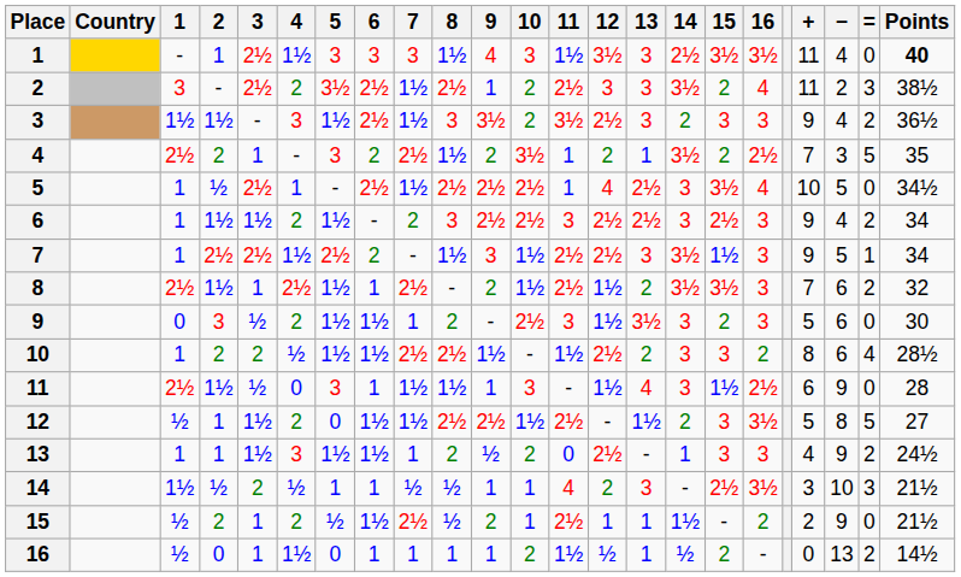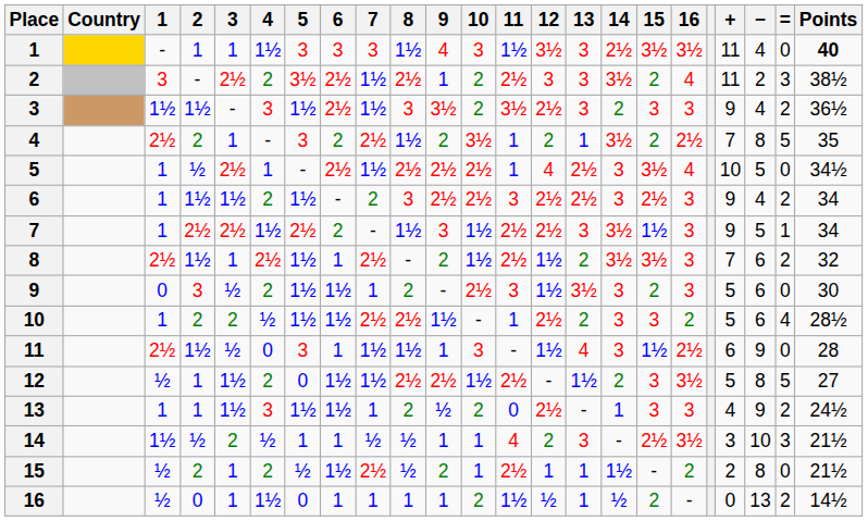 <table class="wikitable" style="text-align:center">
 <tr>
 <th>Place</th>
 <th>Country</th>
 <th>1</th>
 <th>2</th>
 <th>3</th>
 <th>4</th>
 <th>5</th>
 <th>6</th>
 <th>7</th>
 <th>8</th>
 <th>9</th>
 <th>10</th>
 <th>11</th>
 <th>12</th>
 <th>13</th>
 <th>14</th>
 <th>15</th>
 <th>16</th>
 <th></th>
 <th>+</th>
 <th>−</th>
 <th>=</th>
 <th>Points</th>
 </tr>
 <tr>
 <th>1</th>
 <td align=left bgcolor="gold"></td>
 <td>-</td>
 <td style="color: blue;">1</td>
-<td style="color: red;">2½</td>
+<td style="color: blue;">1</td>
 <td style="color: blue;">1½</td>
 <td style="color: red;">3</td>
 <td style="color: red;">3</td>
 <td style="color: red;">3</td>
 <td style="color: blue;">1½</td>
 <td style="color: red;">4</td>
 <td style="color: red;">3</td>
 <td style="color: blue;">1½</td>
 <td style="color: red;">3½</td>
 <td style="color: red;">3</td>
 <td style="color: red;">2½</td>
 <td style="color: red;">3½</td>
 <td style="color: red;">3½</td>
 <th></th>
 <td>11</td>
 <td>4</td>
 <td>0</td>
 <td align=center><strong>40</strong></td>
 </tr>
 <tr>
 <th>2</th>
 <td align=left bgcolor="silver"></td>
 <td style="color: red">3</td>
 <td>-</td>
 <td style="color: red">2½</td>
 <td style="color: green">2</td>
 <td style="color: red">3½</td>
 <td style="color: red">2½</td>
 <td style="color: blue">1½</td>
 <td style="color: red">2½</td>
 <td style="color: blue">1</td>
 <td style="color: green">2</td>
 <td style="color: red">2½</td>
 <td style="color: red">3</td>
 <td style="color: red">3</td>
 <td style="color: red">3½</td>
 <td style="color: green">2</td>
 <td style="color: red">4</td>
 <th></th>
 <td>11</td>
 <td>2</td>
 <td>3</td>
 <td align=center>38½</td>
 </tr>
 <tr>
 <th>3</th>
 <td align=left bgcolor="CC9966"></td>
 <td style="color: blue">1½</td>
 <td style="color: blue">1½</td>
 <td>-</td>
 <td style="color: red">3</td>
 <td style="color: blue">1½</td>
 <td style="color: red">2½</td>
 <td style="color: blue">1½</td>
 <td style="color: red">3</td>
 <td style="color: red">3½</td>
 <td style="color: green">2</td>
 <td style="color: red">3½</td>
 <td style="color: red">2½</td>
 <td style="color: red;">3</td>
 <td style="color: green">2</td>
 <td style="color: red">3</td>
 <td style="color: red">3</td>
 <th></th>
 <td>9</td>
 <td>4</td>
 <td>2</td>
 <td align=center>36½</td>
 </tr>
 <tr>
 <th>4</th>
 <td align=left></td>
 <td style="color: red;">2½</td>
 <td style="color: green">2</td>
 <td style="color: blue;">1</td>
 <td>-</td>
 <td style="color: red;">3</td>
 <td style="color: green">2</td>
 <td style="color: red;">2½</td>
 <td style="color: blue;">1½</td>
 <td style="color: green">2</td>
 <td style="color: red;">3½</td>
 <td style="color: blue;">1</td>
 <td style="color: green">2</td>
 <td style="color: blue;">1</td>
 <td style="color: red;">3½</td>
 <td style="color: green">2</td>
 <td style="color: red;">2½</td>
 <th></th>
 <td>7</td>
-<td>3</td>
+<td>8</td>
 <td>5</td>
 <td align=center>35</td>
 </tr>
 <tr>
 <th>5</th>
 <td align=left></td>
 <td style="color: blue;">1</td>
 <td style="color: blue;">½</td>
 <td style="color: red;">2½</td>
 <td style="color: blue;">1</td>
 <td>-</td>
 <td style="color: red;">2½</td>
 <td style="color: blue;">1½</td>
 <td style="color: red;">2½</td>
 <td style="color: red;">2½</td>
 <td style="color: red;">2½</td>
 <td style="color: blue;">1</td>
 <td style="color: red;">4</td>
 <td style="color: red;">2½</td>
 <td style="color: red;">3</td>
 <td style="color: red;">3½</td>
 <td style="color: red;">4</td>
 <th></th>
 <td>10</td>
 <td>5</td>
 <td>0</td>
 <td align=center>34½</td>
 </tr>
 <tr>
 <th>6</th>
 <td align=left></td>
 <td style="color: blue;">1</td>
 <td style="color: blue;">1½</td>
 <td style="color: blue;">1½</td>
 <td style="color: green">2</td>
 <td style="color: blue;">1½</td>
 <td>-</td>
 <td style="color: green">2</td>
 <td style="color: red;">3</td>
 <td style="color: red;">2½</td>
 <td style="color: red;">2½</td>
 <td style="color: red;">3</td>
 <td style="color: red;">2½</td>
 <td style="color: red;">2½</td>
 <td style="color: red;">3</td>
 <td style="color: red;">2½</td>
 <td style="color: red;">3</td>
 <th></th>
 <td>9</td>
 <td>4</td>
 <td>2</td>
 <td align=center>34</td>
 </tr>
 <tr>
 <th>7</th>
 <td align=left></td>
 <td style="color: blue">1</td>
 <td style="color: red;">2½</td>
 <td style="color: red;">2½</td>
 <td style="color: blue;">1½</td>
 <td style="color: red;">2½</td>
 <td style="color: green">2</td>
 <td>-</td>
 <td style="color: blue;">1½</td>
 <td style="color: red;">3</td>
 <td style="color: blue;">1½</td>
 <td style="color: red;">2½</td>
 <td style="color: red;">2½</td>
 <td style="color: red;">3</td>
 <td style="color: red;">3½</td>
 <td style="color: blue;">1½</td>
 <td style="color: red;">3</td>
 <th></th>
 <td>9</td>
 <td>5</td>
 <td>1</td>
 <td align=center>34</td>
 </tr>
 <tr>
 <th>8</th>
 <td align=left></td>
 <td style="color: red;">2½</td>
 <td style="color: blue;">1½</td>
 <td style="color: blue;">1</td>
 <td style="color: red;">2½</td>
 <td style="color: blue;">1½</td>
 <td style="color: blue;">1</td>
 <td style="color: red;">2½</td>
 <td>-</td>
 <td style="color: green">2</td>
 <td style="color: blue;">1½</td>
 <td style="color: red;">2½</td>
 <td style="color: blue;">1½</td>
 <td style="color: green">2</td>
 <td style="color: red;">3½</td>
 <td style="color: red;">3½</td>
 <td style="color: red;">3</td>
 <th></th>
 <td>7</td>
 <td>6</td>
 <td>2</td>
 <td align=center>32</td>
 </tr>
 <tr>
 <th>9</th>
 <td align=left></td>
 <td style="color: blue;">0</td>
 <td style="color: red;">3</td>
 <td style="color: blue;">½</td>
 <td style="color: green">2</td>
 <td style="color: blue;">1½</td>
 <td style="color: blue;">1½</td>
 <td style="color: blue;">1</td>
 <td style="color: green">2</td>
 <td>-</td>
 <td style="color: red;">2½</td>
 <td style="color: red;">3</td>
 <td style="color: blue;">1½</td>
 <td style="color: red;">3½</td>
 <td style="color: red;">3</td>
 <td style="color: green">2</td>
 <td style="color: red;">3</td>
 <th></th>
 <td>5</td>
 <td>6</td>
 <td>0</td>
 <td align=center>30</td>
 </tr>
 <tr>
 <th>10</th>
 <td align=left></td>
 <td style="color: blue;">1</td>
 <td style="color: green">2</td>
 <td style="color: green">2</td>
 <td style="color: blue;">½</td>
 <td style="color: blue;">1½</td>
 <td style="color: blue;">1½</td>
 <td style="color: red;">2½</td>
 <td style="color: red;">2½</td>
 <td style="color: blue;">1½</td>
 <td>-</td>
-<td style="color: blue;">1½</td>
+<td style="color: blue;">1</td>
 <td style="color: red;">2½</td>
 <td style="color: green">2</td>
 <td style="color: red;">3</td>
 <td style="color: red;">3</td>
 <td style="color: green">2</td>
 <th></th>
-<td>8</td>
+<td>5</td>
 <td>6</td>
 <td>4</td>
 <td align=center>28½</td>
 </tr>
 <tr>
 <th>11</th>
 <td align=left></td>
 <td style="color: red;">2½</td>
 <td style="color: blue;">1½</td>
 <td style="color: blue;">½</td>
 <td style="color: blue;">0</td>
 <td style="color: red;">3</td>
 <td style="color: blue;">1</td>
 <td style="color: blue;">1½</td>
 <td style="color: blue;">1½</td>
 <td style="color: blue;">1</td>
 <td style="color: red;">3</td>
 <td>-</td>
 <td style="color: blue;">1½</td>
 <td style="color: red;">4</td>
 <td style="color: red;">3</td>
 <td style="color: blue;">1½</td>
 <td style="color: red;">2½</td>
 <th></th>
 <td>6</td>
 <td>9</td>
 <td>0</td>
 <td align=center>28</td>
 </tr>
 <tr>
 <th>12</th>
 <td align=left></td>
 <td style="color: blue;">½</td>
 <td style="color: blue;">1</td>
 <td style="color: blue;">1½</td>
 <td style="color: green">2</td>
 <td style="color: blue;">0</td>
 <td style="color: blue;">1½</td>
 <td style="color: blue;">1½</td>
 <td style="color: red;">2½</td>
 <td style="color: red;">2½</td>
 <td style="color: blue;">1½</td>
 <td style="color: red;">2½</td>
 <td>-</td>
 <td style="color: blue;">1½</td>
 <td style="color: green">2</td>
 <td style="color: red;">3</td>
 <td style="color: red;">3½</td>
 <th></th>
 <td>5</td>
 <td>8</td>
 <td>5</td>
 <td align=center>27</td>
 </tr>
 <tr>
 <th>13</th>
 <td align=left></td>
 <td style="color: blue;">1</td>
 <td style="color: blue;">1</td>
 <td style="color: blue;">1½</td>
 <td style="color: red;">3</td>
 <td style="color: blue;">1½</td>
 <td style="color: blue;">1½</td>
 <td style="color: blue;">1</td>
 <td style="color: green">2</td>
 <td style="color: blue;">½</td>
 <td style="color: green">2</td>
 <td style="color: blue;">0</td>
 <td style="color: red;">2½</td>
 <td>-</td>
 <td style="color: blue;">1</td>
 <td style="color: red;">3</td>
 <td style="color: red;">3</td>
 <th></th>
 <td>4</td>
 <td>9</td>
 <td>2</td>
 <td align=center>24½</td>
 </tr>
 <tr>
 <th>14</th>
 <td align=left></td>
 <td style="color: blue;">1½</td>
 <td style="color: blue;">½</td>
 <td style="color: green">2</td>
 <td style="color: blue;">½</td>
 <td style="color: blue;">1</td>
 <td style="color: blue;">1</td>
 <td style="color: blue;">½</td>
 <td style="color: blue;">½</td>
 <td style="color: blue;">1</td>
 <td style="color: blue;">1</td>
 <td style="color: red;">4</td>
 <td style="color: green">2</td>
 <td style="color: red;">3</td>
 <td>-</td>
 <td style="color: red;">2½</td>
 <td style="color: red;">3½</td>
 <th></th>
 <td>3</td>
 <td>10</td>
 <td>3</td>
 <td align=center>21½</td>
 </tr>
 <tr>
 <th>15</th>
 <td align=left></td>
 <td style="color: blue;">½</td>
 <td style="color: green">2</td>
 <td style="color: blue;">1</td>
 <td style="color: green">2</td>
 <td style="color: blue;">½</td>
 <td style="color: blue;">1½</td>
 <td style="color: red;">2½</td>
 <td style="color: blue;">½</td>
 <td style="color: green">2</td>
 <td style="color: blue;">1</td>
 <td style="color: red;">2½</td>
 <td style="color: blue;">1</td>
 <td style="color: blue;">1</td>
 <td style="color: blue;">1½</td>
 <td>-</td>
 <td style="color: green">2</td>
 <th></th>
 <td>2</td>
-<td>9</td>
+<td>8</td>
 <td>0</td>
 <td align=center>21½</td>
 </tr>
 <tr>
 <th>16</th>
 <td align=left></td>
 <td style="color: blue;">½</td>
 <td style="color: blue;">0</td>
 <td style="color: blue;">1</td>
 <td style="color: blue;">1½</td>
 <td style="color: blue;">0</td>
 <td style="color: blue;">1</td>
 <td style="color: blue;">1</td>
 <td style="color: blue;">1</td>
 <td style="color: blue;">1</td>
 <td style="color: green">2</td>
 <td style="color: blue;">1½</td>
 <td style="color: blue;">½</td>
 <td style="color: blue;">1</td>
 <td style="color: blue;">½</td>
 <td style="color: green">2</td>
 <td>-</td>
 <th></th>
 <td>0</td>
 <td>13</td>
 <td>2</td>
 <td align=center>14½</td>
 </tr>
 </table>
